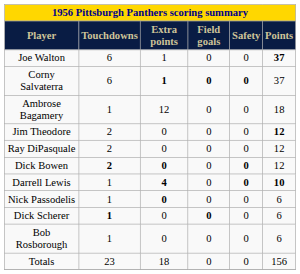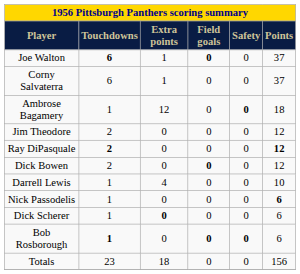 <table class="wikitable" width="35%">
 <tr>
 <th colspan="10" style="background:gold; color:darkblue; text-align: center;"><strong>1956 Pittsburgh Panthers scoring summary</strong></th>
 </tr>
 <tr align="center"  style="background:#091C44;color:#CEC499;">
 <td><strong>Player</strong></td>
 <td><strong>Touchdowns</strong></td>
 <td><strong>Extra points</strong></td>
 <td><strong>Field goals</strong></td>
 <td><strong>Safety</strong></td>
 <td><strong>Points</strong></td>
 </tr>
 <tr align="center" bgcolor="">
 <td>Joe Walton</td>
+<td><strong>6</strong></td>
+<td>1</td>
+<td><strong>0</strong></td>
+<td>0</td>
+<td>37</td>
+</tr>
+<tr align="center" bgcolor="">
+<td>Corny Salvaterra</td>
 <td>6</td>
 <td>1</td>
 <td>0</td>
 <td>0</td>
-<td><strong>37</strong></td>
-</tr>
-<tr align="center" bgcolor="">
-<td>Corny Salvaterra</td>
-<td>6</td>
-<td><strong>1</strong></td>
-<td><strong>0</strong></td>
-<td><strong>0</strong></td>
 <td>37</td>
 </tr>
 <tr align="center" bgcolor="">
 <td>Ambrose Bagamery</td>
 <td>1</td>
 <td>12</td>
 <td>0</td>
-<td>0</td>
+<td><strong>0</strong></td>
 <td>18</td>
 </tr>
 <tr align="center" bgcolor="">
 <td>Jim Theodore</td>
 <td>2</td>
 <td>0</td>
 <td>0</td>
 <td>0</td>
+<td>12</td>
+</tr>
+<tr align="center" bgcolor="">
+<td>Ray DiPasquale</td>
+<td><strong>2</strong></td>
+<td>0</td>
+<td>0</td>
+<td>0</td>
 <td><strong>12</strong></td>
 </tr>
 <tr align="center" bgcolor="">
-<td>Ray DiPasquale</td>
+<td>Dick Bowen</td>
 <td>2</td>
 <td>0</td>
-<td>0</td>
-<td>0</td>
-<td>12</td>
-</tr>
-<tr align="center" bgcolor="">
-<td>Dick Bowen</td>
-<td><strong>2</strong></td>
 <td><strong>0</strong></td>
 <td>0</td>
-<td><strong>0</strong></td>
 <td>12</td>
 </tr>
 <tr align="center" bgcolor="">
 <td>Darrell Lewis</td>
 <td>1</td>
-<td><strong>4</strong></td>
+<td>4</td>
 <td>0</td>
-<td><strong>0</strong></td>
-<td><strong>10</strong></td>
+<td>0</td>
+<td>10</td>
 </tr>
 <tr align="center" bgcolor="">
 <td>Nick Passodelis</td>
+<td>1</td>
+<td>0</td>
+<td>0</td>
+<td>0</td>
+<td><strong>6</strong></td>
+</tr>
+<tr align="center" bgcolor="">
+<td>Dick Scherer</td>
 <td>1</td>
 <td><strong>0</strong></td>
 <td>0</td>
 <td>0</td>
 <td>6</td>
 </tr>
 <tr align="center" bgcolor="">
-<td>Dick Scherer</td>
+<td>Bob Rosborough</td>
 <td><strong>1</strong></td>
 <td>0</td>
 <td><strong>0</strong></td>
-<td>0</td>
-<td>6</td>
-</tr>
-<tr align="center" bgcolor="">
-<td>Bob Rosborough</td>
-<td>1</td>
-<td>0</td>
-<td>0</td>
-<td>0</td>
+<td><strong>0</strong></td>
 <td>6</td>
 </tr>
 <tr align="center" bgcolor="">
 <td>Totals</td>
 <td>23</td>
 <td>18</td>
 <td>0</td>
 <td>0</td>
 <td>156</td>
 </tr>
 <tr align="center" bgcolor="">
 </tr>
 </table>
